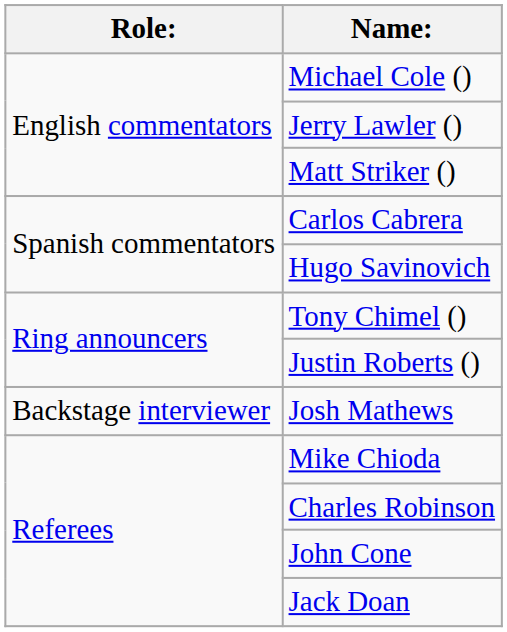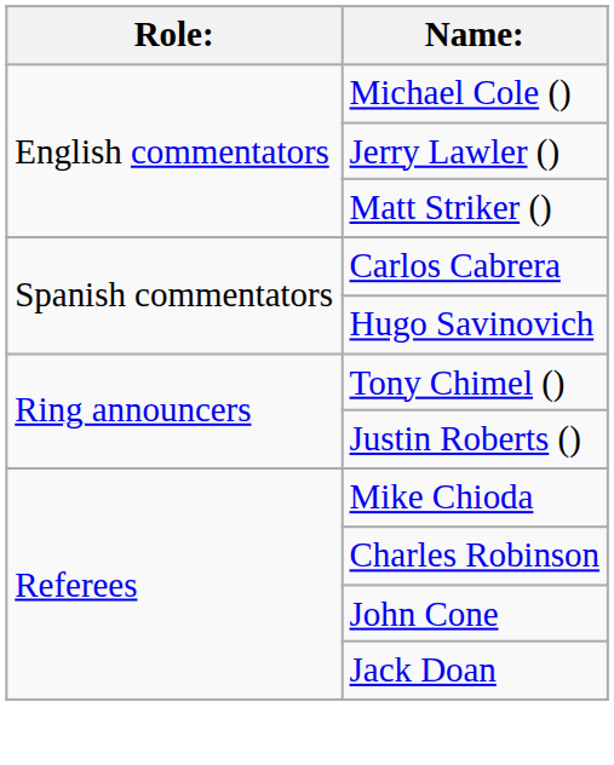 <table class=wikitable style="font-size:90%; margin: 0.5em 0 0.5em 1em; float: right; clear: right;">
 <tr>
 <th>Role:</th>
 <th>Name:</th>
 </tr>
 <tr>
 <td rowspan=3>English <a href='#'>commentators</a></td>
 <td><a href='#'>Michael Cole</a> ()</td>
 </tr>
 <tr>
 <td><a href='#'>Jerry Lawler</a> ()</td>
 </tr>
 <tr>
 <td><a href='#'>Matt Striker</a> ()</td>
 </tr>
 <tr>
 <td rowspan=2>Spanish commentators</td>
 <td><a href='#'>Carlos Cabrera</a></td>
 </tr>
 <tr>
 <td><a href='#'>Hugo Savinovich</a></td>
 </tr>
 <tr>
 <td rowspan=2><a href='#'>Ring announcers</a></td>
 <td><a href='#'>Tony Chimel</a> ()</td>
 </tr>
 <tr>
 <td><a href='#'>Justin Roberts</a> ()</td>
 </tr>
 <tr>
-<td>Backstage <a href='#'>interviewer</a></td>
-<td><a href='#'>Josh Mathews</a></td>
-</tr>
-<tr>
 <td rowspan=4><a href='#'>Referees</a></td>
 <td><a href='#'>Mike Chioda</a></td>
 </tr>
 <tr>
 <td><a href='#'>Charles Robinson</a></td>
 </tr>
 <tr>
 <td><a href='#'>John Cone</a></td>
 </tr>
 <tr>
 <td><a href='#'>Jack Doan</a></td>
 </tr>
 </table>
